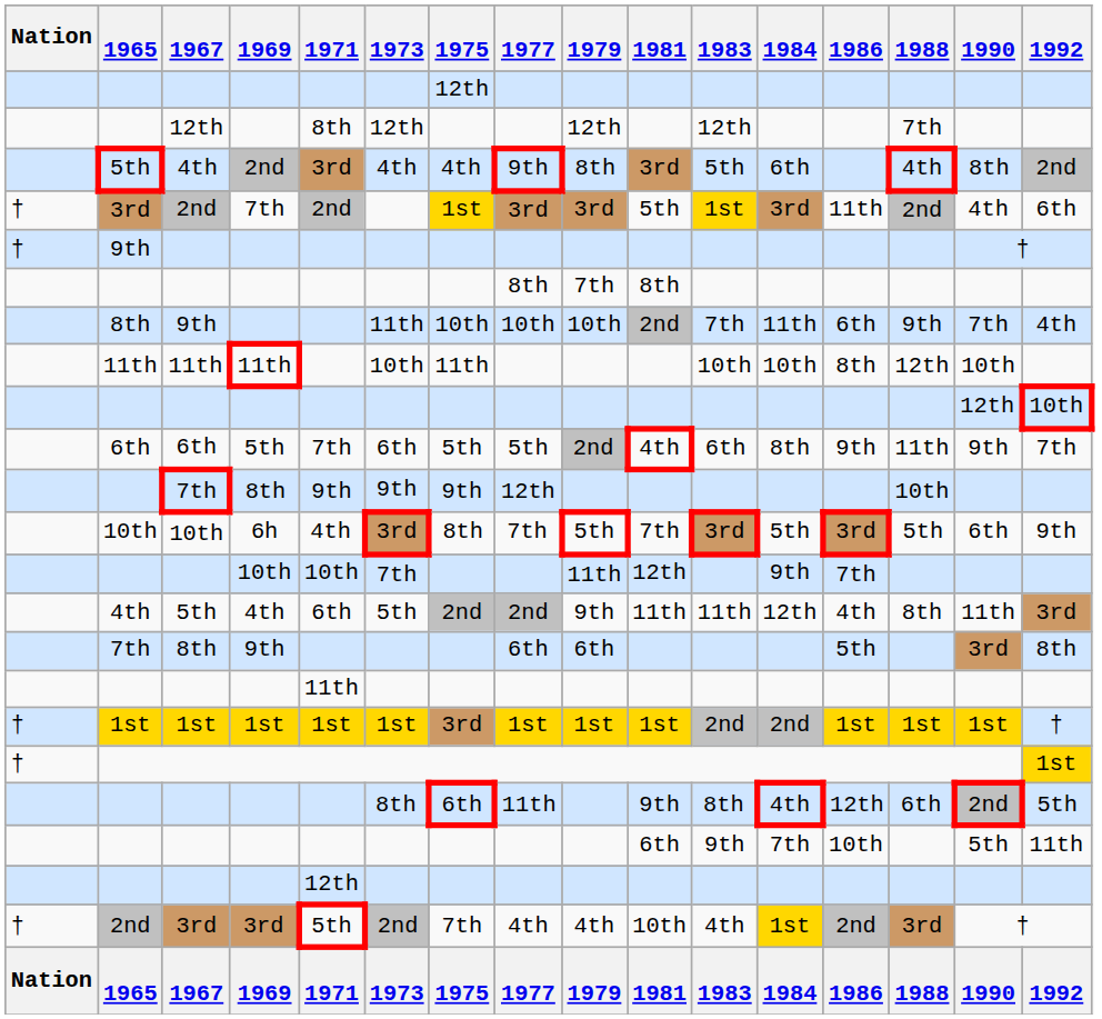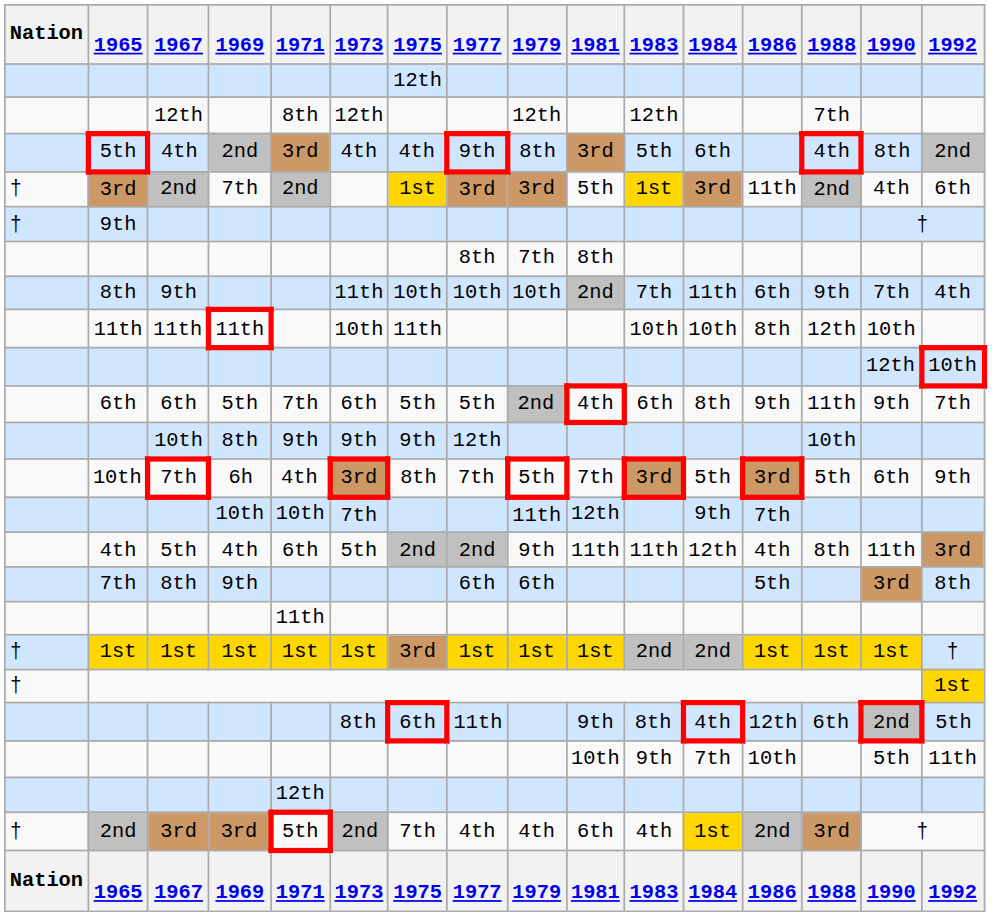 <table class="wikitable" style="text-align:center; font-size:90%">
 <tr>
 <th>Nation</th>
 <th><br><a href='#'>1965</a></th>
 <th><br><a href='#'>1967</a></th>
 <th><br><a href='#'>1969</a></th>
 <th><br><a href='#'>1971</a></th>
 <th><br><a href='#'>1973</a></th>
 <th><br><a href='#'>1975</a></th>
 <th><br><a href='#'>1977</a></th>
 <th><br><a href='#'>1979</a></th>
 <th><br><a href='#'>1981</a></th>
 <th><br><a href='#'>1983</a></th>
 <th><br><a href='#'>1984</a></th>
 <th><br><a href='#'>1986</a></th>
 <th><br><a href='#'>1988</a></th>
 <th><br><a href='#'>1990</a></th>
 <th><br><a href='#'>1992</a></th>
 </tr>
 <tr bgcolor=#D0E6FF>
 <td align=left></td>
 <td></td>
 <td></td>
 <td></td>
 <td></td>
 <td></td>
 <td>12th</td>
 <td></td>
 <td></td>
 <td></td>
 <td></td>
 <td></td>
 <td></td>
 <td></td>
 <td></td>
 <td></td>
 </tr>
 <tr>
 <td align=left></td>
 <td></td>
 <td>12th</td>
 <td></td>
 <td>8th</td>
 <td>12th</td>
 <td></td>
 <td></td>
 <td>12th</td>
 <td></td>
 <td>12th</td>
 <td></td>
 <td></td>
 <td>7th</td>
 <td></td>
 <td></td>
 </tr>
 <tr bgcolor=#D0E6FF>
 <td align=left></td>
 <td style="border: 3px solid red">5th</td>
 <td>4th</td>
 <td bgcolor="silver">2nd</td>
 <td bgcolor="#cc9966">3rd</td>
 <td>4th</td>
 <td>4th</td>
 <td style="border: 3px solid red">9th</td>
 <td>8th</td>
 <td bgcolor="#cc9966">3rd</td>
 <td>5th</td>
 <td>6th</td>
 <td></td>
 <td style="border: 3px solid red">4th</td>
 <td>8th</td>
 <td bgcolor="silver">2nd</td>
 </tr>
 <tr>
 <td align=left><em></em> †</td>
 <td bgcolor="#cc9966">3rd</td>
 <td bgcolor="silver">2nd</td>
 <td>7th</td>
 <td bgcolor="silver">2nd</td>
 <td></td>
 <td bgcolor="gold">1st</td>
 <td bgcolor="#cc9966">3rd</td>
 <td bgcolor="#cc9966">3rd</td>
 <td>5th</td>
 <td bgcolor="gold">1st</td>
 <td bgcolor="#cc9966">3rd</td>
 <td>11th</td>
 <td bgcolor="silver">2nd</td>
 <td>4th</td>
 <td>6th</td>
 </tr>
 <tr bgcolor=#D0E6FF>
 <td align=left><em></em>  †</td>
 <td>9th</td>
 <td></td>
 <td></td>
 <td></td>
 <td></td>
 <td></td>
 <td></td>
 <td></td>
 <td></td>
 <td></td>
 <td></td>
 <td></td>
 <td></td>
 <td colspan="2">†</td>
 </tr>
 <tr>
 <td align=left></td>
 <td></td>
 <td></td>
 <td></td>
 <td></td>
 <td></td>
 <td></td>
 <td>8th</td>
 <td>7th</td>
 <td>8th</td>
 <td></td>
 <td></td>
 <td></td>
 <td></td>
 <td></td>
 <td></td>
 </tr>
 <tr bgcolor=#D0E6FF>
 <td align=left></td>
 <td>8th</td>
 <td>9th</td>
 <td></td>
 <td></td>
 <td>11th</td>
 <td>10th</td>
 <td>10th</td>
 <td>10th</td>
 <td bgcolor="silver">2nd</td>
 <td>7th</td>
 <td>11th</td>
 <td>6th</td>
 <td>9th</td>
 <td>7th</td>
 <td>4th</td>
 </tr>
 <tr>
 <td align=left></td>
 <td>11th</td>
 <td>11th</td>
 <td style="border: 3px solid red">11th</td>
 <td></td>
 <td>10th</td>
 <td>11th</td>
 <td></td>
 <td></td>
 <td></td>
 <td>10th</td>
 <td>10th</td>
 <td>8th</td>
 <td>12th</td>
 <td>10th</td>
 <td></td>
 </tr>
 <tr bgcolor=#D0E6FF>
 <td align=left></td>
 <td></td>
 <td></td>
 <td></td>
 <td></td>
 <td></td>
 <td></td>
 <td></td>
 <td></td>
 <td></td>
 <td></td>
 <td></td>
 <td></td>
 <td></td>
 <td>12th</td>
 <td style="border: 3px solid red">10th</td>
 </tr>
 <tr>
 <td align=left></td>
 <td>6th</td>
 <td>6th</td>
 <td>5th</td>
 <td>7th</td>
 <td>6th</td>
 <td>5th</td>
 <td>5th</td>
 <td bgcolor="silver">2nd</td>
 <td style="border: 3px solid red">4th</td>
 <td>6th</td>
 <td>8th</td>
 <td>9th</td>
 <td>11th</td>
 <td>9th</td>
 <td>7th</td>
 </tr>
 <tr bgcolor=#D0E6FF>
 <td align=left></td>
 <td></td>
-<td style="border: 3px solid red">7th</td>
+<td>10th</td>
 <td>8th</td>
 <td>9th</td>
 <td>9th</td>
 <td>9th</td>
 <td>12th</td>
 <td></td>
 <td></td>
 <td></td>
 <td></td>
 <td></td>
 <td>10th</td>
 <td></td>
 <td></td>
 </tr>
 <tr>
 <td align=left></td>
 <td>10th</td>
-<td>10th</td>
+<td style="border: 3px solid red">7th</td>
 <td>6h</td>
 <td>4th</td>
 <td style="border: 3px solid red" bgcolor="#cc9966">3rd</td>
 <td>8th</td>
 <td>7th</td>
 <td style="border: 3px solid red">5th</td>
 <td>7th</td>
 <td style="border: 3px solid red" bgcolor="#cc9966">3rd</td>
 <td>5th</td>
 <td style="border: 3px solid red" bgcolor="#cc9966">3rd</td>
 <td>5th</td>
 <td>6th</td>
 <td>9th</td>
 </tr>
 <tr bgcolor=#D0E6FF>
 <td align=left></td>
 <td></td>
 <td></td>
 <td>10th</td>
 <td>10th</td>
 <td>7th</td>
 <td></td>
 <td></td>
 <td>11th</td>
 <td>12th</td>
 <td></td>
 <td>9th</td>
 <td>7th</td>
 <td></td>
 <td></td>
 <td></td>
 </tr>
 <tr>
 <td align=left></td>
 <td>4th</td>
 <td>5th</td>
 <td>4th</td>
 <td>6th</td>
 <td>5th</td>
 <td bgcolor="silver">2nd</td>
 <td bgcolor=silver>2nd</td>
 <td>9th</td>
 <td>11th</td>
 <td>11th</td>
 <td>12th</td>
 <td>4th</td>
 <td>8th</td>
 <td>11th</td>
 <td bgcolor="#cc9966">3rd</td>
 </tr>
 <tr bgcolor=#D0E6FF>
 <td align=left></td>
 <td>7th</td>
 <td>8th</td>
 <td>9th</td>
 <td></td>
 <td></td>
 <td></td>
 <td>6th</td>
 <td>6th</td>
 <td></td>
 <td></td>
 <td></td>
 <td>5th</td>
 <td></td>
 <td bgcolor="#cc9966">3rd</td>
 <td>8th</td>
 </tr>
 <tr>
 <td align=left></td>
 <td></td>
 <td></td>
 <td></td>
 <td>11th</td>
 <td></td>
 <td></td>
 <td></td>
 <td></td>
 <td></td>
 <td></td>
 <td></td>
 <td></td>
 <td></td>
 <td></td>
 <td></td>
 </tr>
 <tr bgcolor=#D0E6FF>
 <td align=left><em></em>  †</td>
 <td bgcolor="gold">1st</td>
 <td bgcolor="gold">1st</td>
 <td bgcolor="gold">1st</td>
 <td bgcolor="gold">1st</td>
 <td bgcolor="gold">1st</td>
 <td bgcolor="#cc9966">3rd</td>
 <td bgcolor="gold">1st</td>
 <td bgcolor="gold">1st</td>
 <td bgcolor="gold">1st</td>
 <td bgcolor=silver>2nd</td>
 <td bgcolor=silver>2nd</td>
 <td bgcolor="gold">1st</td>
 <td bgcolor="gold">1st</td>
 <td bgcolor="gold">1st</td>
 <td>†</td>
 </tr>
 <tr>
 <td align=left><em></em>  †</td>
 <td colspan="14"></td>
 <td bgcolor="gold">1st</td>
 </tr>
 <tr bgcolor="#D0E6FF">
 <td align=left></td>
 <td></td>
 <td></td>
 <td></td>
 <td></td>
 <td>8th</td>
 <td style="border: 3px solid red">6th</td>
 <td>11th</td>
 <td></td>
 <td>9th</td>
 <td>8th</td>
 <td style="border: 3px solid red">4th</td>
 <td>12th</td>
 <td>6th</td>
 <td style="border: 3px solid red" bgcolor="silver">2nd</td>
 <td>5th</td>
 </tr>
 <tr>
 <td align=left></td>
 <td></td>
 <td></td>
 <td></td>
 <td></td>
 <td></td>
 <td></td>
 <td></td>
 <td></td>
-<td>6th</td>
+<td>10th</td>
 <td>9th</td>
 <td>7th</td>
 <td>10th</td>
 <td></td>
 <td>5th</td>
 <td>11th</td>
 </tr>
 <tr bgcolor="#D0E6FF">
 <td align=left></td>
 <td></td>
 <td></td>
 <td></td>
 <td>12th</td>
 <td></td>
 <td></td>
 <td></td>
 <td></td>
 <td></td>
 <td></td>
 <td></td>
 <td></td>
 <td></td>
 <td></td>
 <td></td>
 </tr>
 <tr>
 <td align=left><em></em>  †</td>
 <td bgcolor="silver">2nd</td>
 <td bgcolor="#cc9966">3rd</td>
 <td bgcolor="#cc9966">3rd</td>
 <td style="border: 3px solid red">5th</td>
 <td bgcolor="silver">2nd</td>
 <td>7th</td>
 <td>4th</td>
 <td>4th</td>
-<td>10th</td>
+<td>6th</td>
 <td>4th</td>
 <td bgcolor="gold">1st</td>
 <td bgcolor="silver">2nd</td>
 <td bgcolor="#cc9966">3rd</td>
 <td colspan="2">†</td>
 </tr>
 <tr>
 <th>Nation</th>
 <th><br><a href='#'>1965</a></th>
 <th><br><a href='#'>1967</a></th>
 <th><br><a href='#'>1969</a></th>
 <th><br><a href='#'>1971</a></th>
 <th><br><a href='#'>1973</a></th>
 <th><br><a href='#'>1975</a></th>
 <th><br><a href='#'>1977</a></th>
 <th><br><a href='#'>1979</a></th>
 <th><br><a href='#'>1981</a></th>
 <th><br><a href='#'>1983</a></th>
 <th><br><a href='#'>1984</a></th>
 <th><br><a href='#'>1986</a></th>
 <th><br><a href='#'>1988</a></th>
 <th><br><a href='#'>1990</a></th>
 <th><br><a href='#'>1992</a></th>
 </tr>
 </table>
